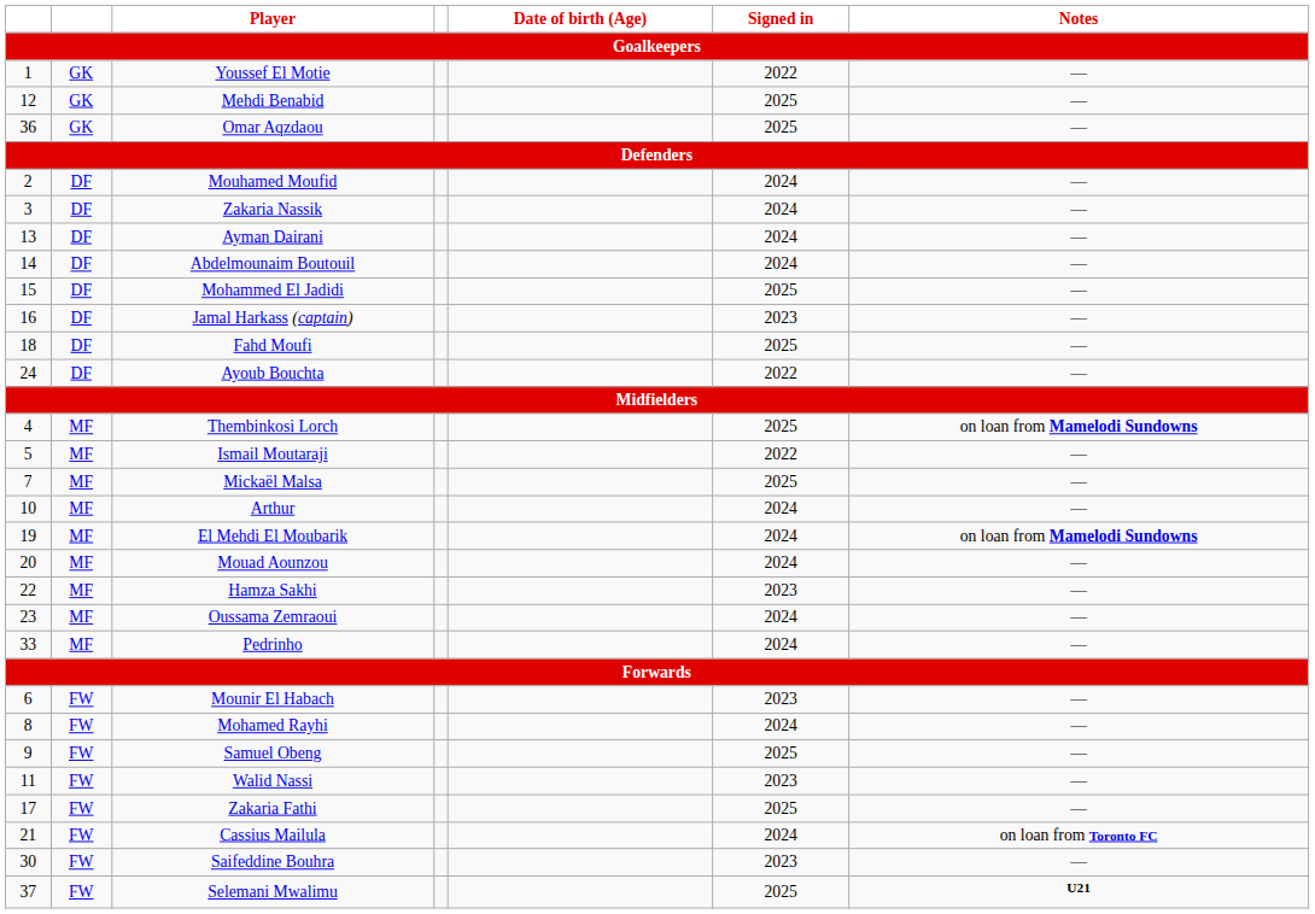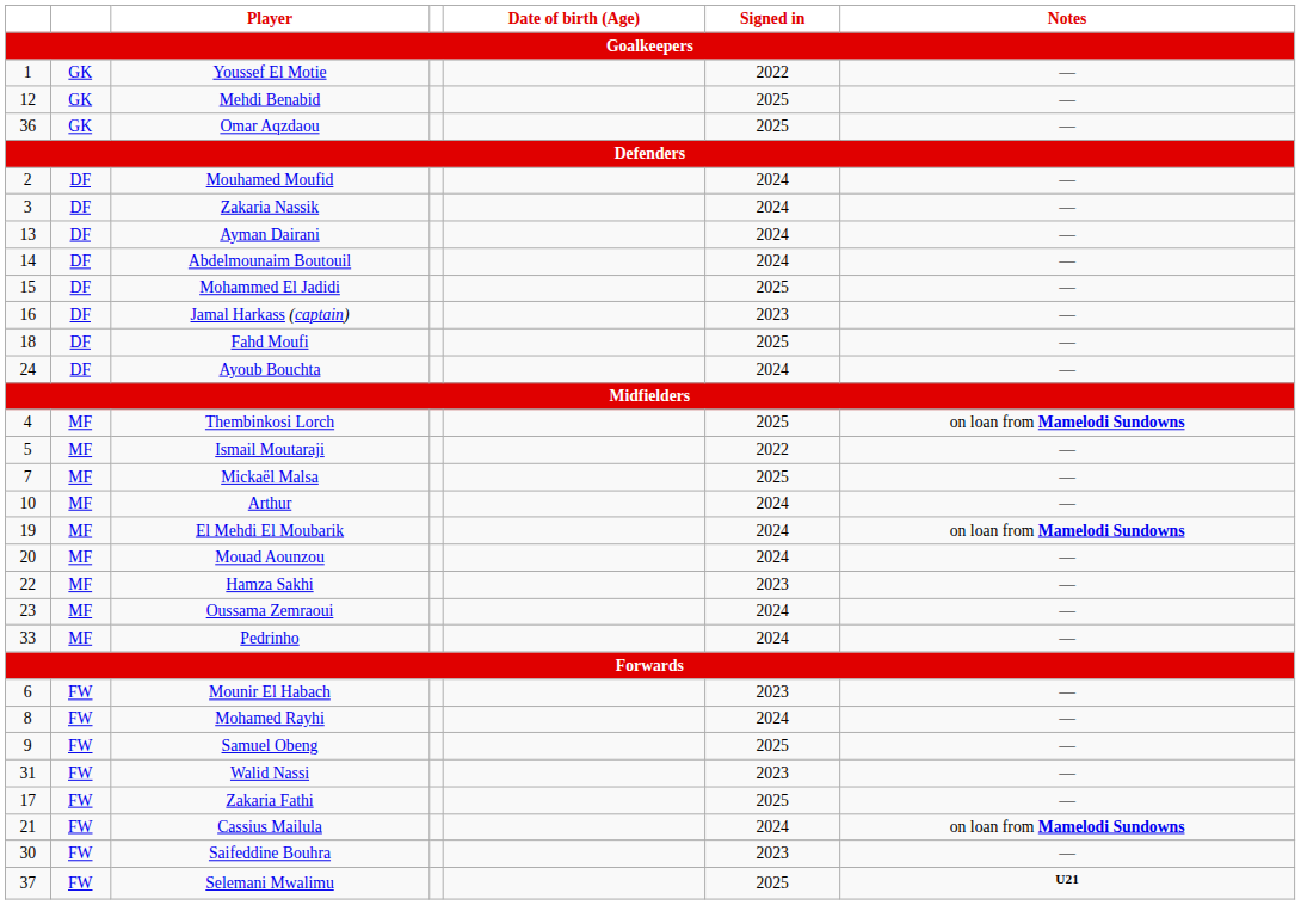 <table class="wikitable sortable" style="text-align:center; font-size:90%; width:90%">
 <tr>
 <th style="background:white; color:#E00000; text-align:center;"></th>
 <th style="background:white; color:#E00000; text-align:center;"></th>
 <th style="background:white; color:#E00000; text-align:center;">Player</th>
 <th style="background:white; color:#E00000; text-align:center;"></th>
 <th style="background:white; color:#E00000; text-align:center;">Date of birth (Age)</th>
 <th style="background:white; color:#E00000; text-align:center;">Signed in</th>
 <th style="background:white; color:#E00000; text-align:center;">Notes</th>
 </tr>
 <tr>
 <td colspan="7" style="background:#E00000; color:white; text-align:center; "><strong>Goalkeepers</strong></td>
 </tr>
 <tr>
 <td style="text-align: center;">1</td>
 <td style="text-align: center;"><a href='#'>GK</a></td>
 <td style="text-align: center;"><a href='#'>Youssef El Motie</a></td>
 <td style="text-align: center;"></td>
 <td></td>
 <td style="text-align: center;">2022</td>
 <td style="text-align: center;">—</td>
 </tr>
 <tr>
 <td style="text-align: center;">12</td>
 <td style="text-align: center;"><a href='#'>GK</a></td>
 <td style="text-align: center;"><a href='#'>Mehdi Benabid</a></td>
 <td style="text-align: center;"></td>
 <td></td>
 <td style="text-align: center;">2025</td>
 <td style="text-align: center;">—</td>
 </tr>
 <tr>
 <td style="text-align: center;">36</td>
 <td style="text-align: center;"><a href='#'>GK</a></td>
 <td style="text-align: center;"><a href='#'>Omar Aqzdaou</a></td>
 <td style="text-align: center;"></td>
 <td></td>
 <td style="text-align: center;">2025</td>
 <td style="text-align: center;">—</td>
 </tr>
 <tr>
 <th colspan="7" style="background:#E00000; color:white; text-align:center; ">Defenders</th>
 </tr>
 <tr>
 <td style="text-align: center;">2</td>
 <td style="text-align: center;"><a href='#'>DF</a></td>
 <td style="text-align: center;"><a href='#'>Mouhamed Moufid</a></td>
 <td style="text-align: center;"></td>
 <td></td>
 <td style="text-align: center;">2024</td>
 <td style="text-align: center;">—</td>
 </tr>
 <tr>
 <td style="text-align: center;">3</td>
 <td style="text-align: center;"><a href='#'>DF</a></td>
 <td style="text-align: center;"><a href='#'>Zakaria Nassik</a></td>
 <td style="text-align: center;"></td>
 <td></td>
 <td style="text-align: center;">2024</td>
 <td style="text-align: center;">—</td>
 </tr>
 <tr>
 <td style="text-align: center;">13</td>
 <td style="text-align: center;"><a href='#'>DF</a></td>
 <td style="text-align: center;"><a href='#'>Ayman Dairani</a></td>
 <td style="text-align: center;"></td>
 <td></td>
 <td style="text-align: center;">2024</td>
 <td style="text-align: center;">—</td>
 </tr>
 <tr>
 <td style="text-align: center;">14</td>
 <td style="text-align: center;"><a href='#'>DF</a></td>
 <td style="text-align: center;"><a href='#'>Abdelmounaim Boutouil</a></td>
 <td style="text-align: center;"></td>
 <td></td>
 <td style="text-align: center;">2024</td>
 <td style="text-align: center;">—</td>
 </tr>
 <tr>
 <td style="text-align: center;">15</td>
 <td style="text-align: center;"><a href='#'>DF</a></td>
 <td style="text-align: center;"><a href='#'>Mohammed El Jadidi</a></td>
 <td style="text-align: center;"></td>
 <td></td>
 <td style="text-align: center;">2025</td>
 <td style="text-align: center;">—</td>
 </tr>
 <tr>
 <td style="text-align: center;">16</td>
 <td style="text-align: center;"><a href='#'>DF</a></td>
 <td style="text-align: center;"><a href='#'>Jamal Harkass</a> <em>(<a href='#'>captain</a>)</em></td>
 <td style="text-align: center;"></td>
 <td></td>
 <td style="text-align: center;">2023</td>
 <td style="text-align: center;">—</td>
 </tr>
 <tr>
 <td style="text-align: center;">18</td>
 <td><a href='#'>DF</a></td>
 <td style="text-align: center;"><a href='#'>Fahd Moufi</a></td>
 <td></td>
 <td></td>
 <td style="text-align: center;">2025</td>
 <td>—</td>
 </tr>
 <tr>
 <td style="text-align: center;">24</td>
 <td><a href='#'>DF</a></td>
 <td style="text-align: center;"><a href='#'>Ayoub Bouchta</a></td>
 <td></td>
 <td></td>
-<td style="text-align: center;">2022</td>
+<td style="text-align: center;">2024</td>
 <td>—</td>
 </tr>
 <tr>
 <th colspan="7" style="background:#E00000; color:white; text-align:center; ">Midfielders</th>
 </tr>
 <tr>
 <td style="text-align: center;">4</td>
 <td style="text-align: center;"><a href='#'>MF</a></td>
 <td style="text-align: center;"><a href='#'>Thembinkosi Lorch</a></td>
 <td style="text-align: center;"></td>
 <td></td>
 <td style="text-align: center;">2025</td>
 <td>on loan from <strong><a href='#'>Mamelodi Sundowns</a></strong></td>
 </tr>
 <tr>
 <td style="text-align: center;">5</td>
 <td style="text-align: center;"><a href='#'>MF</a></td>
 <td style="text-align: center;"><a href='#'>Ismail Moutaraji</a></td>
 <td style="text-align: center;"></td>
 <td></td>
 <td style="text-align: center;">2022</td>
 <td style="text-align: center;">—</td>
 </tr>
 <tr>
 <td style="text-align: center;">7</td>
 <td style="text-align: center;"><a href='#'>MF</a></td>
 <td style="text-align: center;"><a href='#'>Mickaël Malsa</a></td>
 <td style="text-align: center;"></td>
 <td></td>
 <td style="text-align: center;">2025</td>
 <td style="text-align: center;">—</td>
 </tr>
 <tr>
 <td style="text-align: center;">10</td>
 <td style="text-align: center;"><a href='#'>MF</a></td>
 <td style="text-align: center;"><a href='#'>Arthur</a></td>
 <td style="text-align: center;"></td>
 <td></td>
 <td style="text-align: center;">2024</td>
 <td style="text-align: center;">—</td>
 </tr>
 <tr>
 <td style="text-align: center;">19</td>
 <td><a href='#'>MF</a></td>
 <td style="text-align: center;"><a href='#'>El Mehdi El Moubarik</a></td>
 <td></td>
 <td></td>
 <td style="text-align: center;">2024</td>
 <td>on loan from <strong><a href='#'>Mamelodi Sundowns</a></strong></td>
 </tr>
 <tr>
 <td style="text-align: center;">20</td>
 <td><a href='#'>MF</a></td>
 <td style="text-align: center;"><a href='#'>Mouad Aounzou</a></td>
 <td></td>
 <td></td>
 <td style="text-align: center;">2024</td>
 <td>—</td>
 </tr>
 <tr>
 <td style="text-align: center;">22</td>
 <td><a href='#'>MF</a></td>
 <td style="text-align: center;"><a href='#'>Hamza Sakhi</a></td>
 <td></td>
 <td></td>
 <td style="text-align: center;">2023</td>
 <td>—</td>
 </tr>
 <tr>
 <td style="text-align: center;">23</td>
 <td><a href='#'>MF</a></td>
 <td style="text-align: center;"><a href='#'>Oussama Zemraoui</a></td>
 <td></td>
 <td></td>
 <td style="text-align: center;">2024</td>
 <td>—</td>
 </tr>
 <tr>
 <td style="text-align: center;">33</td>
 <td><a href='#'>MF</a></td>
 <td style="text-align: center;"><a href='#'>Pedrinho</a></td>
 <td></td>
 <td></td>
 <td style="text-align: center;">2024</td>
 <td>—</td>
 </tr>
 <tr>
 <th colspan="7" style="background:#E00000; color:white; text-align:center; ">Forwards</th>
 </tr>
 <tr>
 <td style="text-align: center;">6</td>
 <td style="text-align: center;"><a href='#'>FW</a></td>
 <td style="text-align: center;"><a href='#'>Mounir El Habach</a></td>
 <td style="text-align: center;"></td>
 <td style="text-align: center;"></td>
 <td style="text-align: center;">2023</td>
 <td style="text-align: center;">—</td>
 </tr>
 <tr>
 <td style="text-align: center;">8</td>
 <td style="text-align: center;"><a href='#'>FW</a></td>
 <td style="text-align: center;"><a href='#'>Mohamed Rayhi</a></td>
 <td></td>
 <td></td>
 <td style="text-align: center;">2024</td>
 <td style="text-align: center;">—</td>
 </tr>
 <tr>
 <td style="text-align: center;">9</td>
 <td style="text-align: center;"><a href='#'>FW</a></td>
 <td style="text-align: center;"><a href='#'>Samuel Obeng</a></td>
 <td></td>
 <td></td>
 <td style="text-align: center;">2025</td>
 <td style="text-align: center;">—</td>
 </tr>
 <tr>
-<td style="text-align: center;">11</td>
+<td style="text-align: center;">31</td>
 <td style="text-align: center;"><a href='#'>FW</a></td>
 <td style="text-align: center;"><a href='#'>Walid Nassi</a></td>
 <td></td>
 <td></td>
 <td style="text-align: center;">2023</td>
 <td style="text-align: center;">—</td>
 </tr>
 <tr>
 <td style="text-align: center;">17</td>
 <td style="text-align: center;"><a href='#'>FW</a></td>
 <td style="text-align: center;"><a href='#'>Zakaria Fathi</a></td>
 <td></td>
 <td></td>
 <td style="text-align: center;">2025</td>
 <td style="text-align: center;">—</td>
 </tr>
 <tr>
 <td style="text-align: center;">21</td>
 <td><a href='#'>FW</a></td>
 <td style="text-align: center;"><a href='#'>Cassius Mailula</a></td>
 <td></td>
 <td></td>
 <td style="text-align: center;">2024</td>
-<td style="text-align: center;">on loan from <strong><small><a href='#'>Toronto FC</a></small></strong></td>
+<td>on loan from <strong><a href='#'>Mamelodi Sundowns</a></strong></td>
 </tr>
 <tr>
 <td style="text-align: center;">30</td>
 <td><a href='#'>FW</a></td>
 <td style="text-align: center;"><a href='#'>Saifeddine Bouhra</a></td>
 <td style="text-align: center;"></td>
 <td></td>
 <td style="text-align: center;">2023</td>
 <td>—</td>
 </tr>
 <tr>
 <td style="text-align: center;">37</td>
 <td><a href='#'>FW</a></td>
 <td style="text-align: center;"><a href='#'>Selemani Mwalimu</a></td>
 <td></td>
 <td></td>
 <td style="text-align: center;">2025</td>
 <td><sup><strong>U21</strong></sup></td>
 </tr>
 </table>
